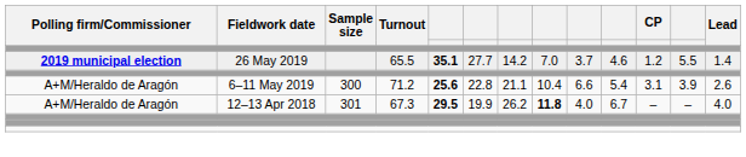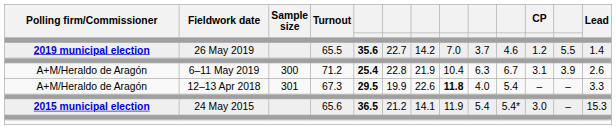 <table class="wikitable collapsible collapsed" style="text-align:center; font-size:95%; line-height:16px;">
 <tr style="height:42px;">
 <th style="width:250px;" rowspan="2">Polling firm/Commissioner</th>
 <th style="width:125px;" rowspan="2">Fieldwork date</th>
 <th style="width:50px;" rowspan="2">Sample size</th>
 <th style="width:45px;" rowspan="2">Turnout</th>
 <th style="width:35px;"></th>
 <th style="width:35px;"></th>
 <th style="width:35px;"></th>
 <th style="width:35px;"></th>
 <th style="width:35px;"></th>
 <th style="width:35px;"></th>
 <th style="width:35px;">CP</th>
 <th style="width:35px;"></th>
 <th style="width:30px;" rowspan="2">Lead</th>
 </tr>
 <tr>
 <th style="color:inherit;background:"></th>
 <th style="color:inherit;background:"></th>
 <th style="color:inherit;background:"></th>
 <th style="color:inherit;background:"></th>
 <th style="color:inherit;background:"></th>
 <th style="color:inherit;background:"></th>
 <th style="color:inherit;background:"></th>
 <th style="color:inherit;background:"></th>
 </tr>
 <tr>
 <td colspan="13" style="background:#A0A0A0"></td>
 </tr>
 <tr style="background:#EFEFEF;">
 <td><strong><a href='#'>2019 municipal election</a></strong></td>
 <td>26 May 2019</td>
 <td></td>
 <td>65.5</td>
-<td><strong>35.1</strong><br></td>
-<td>27.7<br></td>
+<td><strong>35.6</strong><br></td>
+<td>22.7<br></td>
 <td>14.2<br></td>
 <td>7.0<br></td>
 <td>3.7<br></td>
 <td>4.6<br></td>
 <td>1.2<br></td>
 <td>5.5<br></td>
 <td style="background:">1.4</td>
 </tr>
 <tr>
 <td colspan="13" style="background:#A0A0A0"></td>
 </tr>
 <tr>
 <td>A+M/Heraldo de Aragón</td>
 <td>6–11 May 2019</td>
 <td>300</td>
 <td>71.2</td>
-<td><strong>25.6</strong><br></td>
+<td><strong>25.4</strong><br></td>
 <td>22.8<br></td>
-<td>21.1<br></td>
+<td>21.9<br></td>
 <td>10.4<br></td>
-<td>6.6<br></td>
-<td>5.4<br></td>
+<td>6.3<br></td>
+<td>6.7<br></td>
 <td>3.1<br></td>
 <td>3.9<br></td>
 <td style="background:">2.6</td>
 </tr>
 <tr>
 <td>A+M/Heraldo de Aragón</td>
 <td>12–13 Apr 2018</td>
 <td>301</td>
 <td>67.3</td>
 <td><strong>29.5</strong><br></td>
 <td>19.9<br></td>
-<td>26.2<br></td>
+<td>22.6<br></td>
 <td><strong>11.8<br></strong></td>
 <td>4.0<br></td>
-<td>6.7<br></td>
+<td>5.4<br></td>
 <td>–</td>
 <td>–</td>
-<td style="background:">4.0</td>
+<td style="background:">3.3</td>
 </tr>
 <tr>
 <td colspan="13" style="background:#A0A0A0"></td>
+</tr>
+<tr style="background:#EFEFEF;">
+<td><strong><a href='#'>2015 municipal election</a></strong></td>
+<td>24 May 2015</td>
+<td></td>
+<td>65.6</td>
+<td><strong>36.5</strong><br></td>
+<td>21.2<br></td>
+<td>14.1<br></td>
+<td>11.9<br></td>
+<td>5.4<br></td>
+<td>5.4*<br></td>
+<td>3.0<br></td>
+<td>–</td>
+<td style="background:">15.3</td>
 </tr>
 <tr>
 <td colspan="13" style="background:#A0A0A0"></td>
 </tr>
 <tr>
 <td align="left" colspan="13"></td>
 </tr>
 </table>
